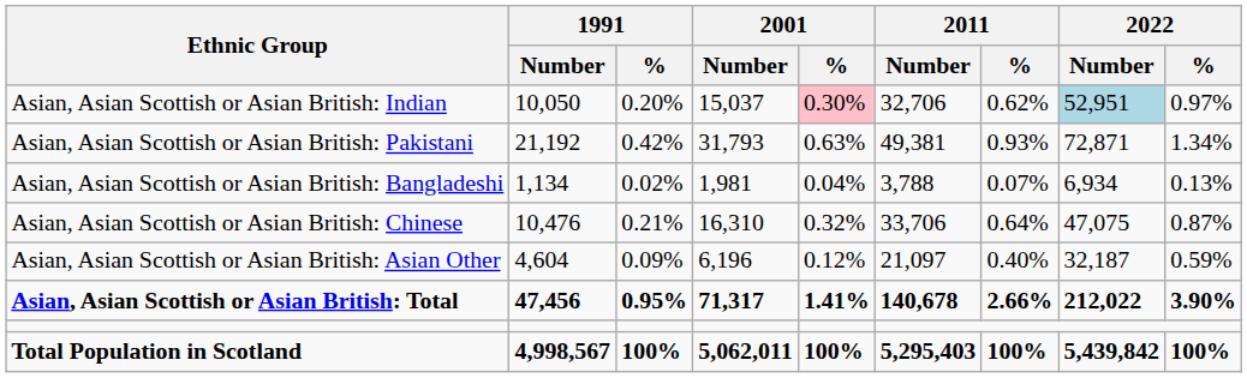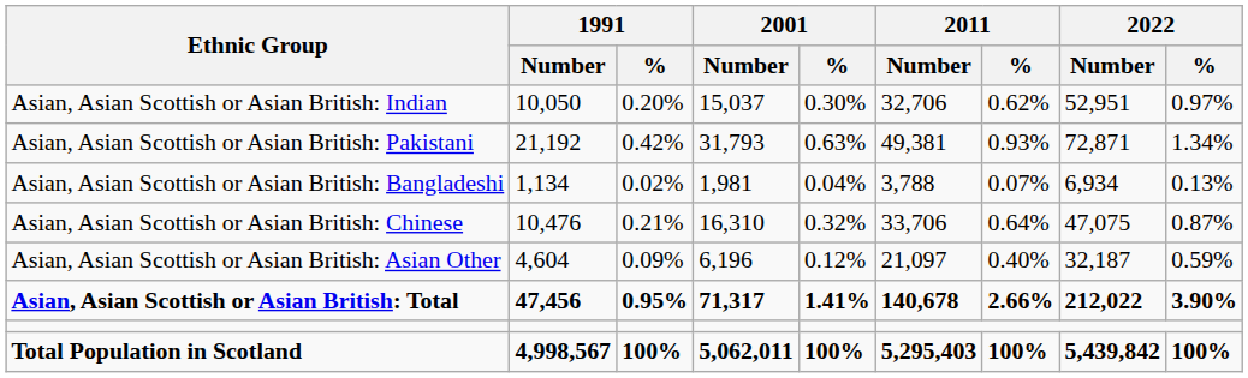 <table class="wikitable sortable" style="font-size:90%; margin:auto;">
 <tr>
 <th rowspan="2">Ethnic Group</th>
 <th colspan="2">1991</th>
 <th colspan="2">2001</th>
 <th colspan="2">2011</th>
 <th colspan="2">2022</th>
 </tr>
 <tr>
 <th>Number</th>
 <th>%</th>
 <th>Number</th>
 <th>%</th>
 <th>Number</th>
 <th>%</th>
 <th>Number</th>
 <th>%</th>
 </tr>
 <tr>
 <td>Asian, Asian Scottish or Asian British: <a href='#'>Indian</a></td>
 <td>10,050</td>
 <td>0.20%</td>
 <td>15,037</td>
-<td style="background: pink;">0.30%</td>
+<td>0.30%</td>
 <td>32,706</td>
 <td>0.62%</td>
-<td style="background: lightblue;">52,951</td>
+<td>52,951</td>
 <td>0.97%</td>
 </tr>
 <tr>
 <td>Asian, Asian Scottish or Asian British: <a href='#'>Pakistani</a></td>
 <td>21,192</td>
 <td>0.42%</td>
 <td>31,793</td>
 <td>0.63%</td>
 <td>49,381</td>
 <td>0.93%</td>
 <td>72,871</td>
 <td>1.34%</td>
 </tr>
 <tr>
 <td>Asian, Asian Scottish or Asian British: <a href='#'>Bangladeshi</a></td>
 <td>1,134</td>
 <td>0.02%</td>
 <td>1,981</td>
 <td>0.04%</td>
 <td>3,788</td>
 <td>0.07%</td>
 <td>6,934</td>
 <td>0.13%</td>
 </tr>
 <tr>
 <td>Asian, Asian Scottish or Asian British: <a href='#'>Chinese</a></td>
 <td>10,476</td>
 <td>0.21%</td>
 <td>16,310</td>
 <td>0.32%</td>
 <td>33,706</td>
 <td>0.64%</td>
 <td>47,075</td>
 <td>0.87%</td>
 </tr>
 <tr>
 <td>Asian, Asian Scottish or Asian British: <a href='#'>Asian Other</a></td>
 <td>4,604</td>
 <td>0.09%</td>
 <td>6,196</td>
 <td>0.12%</td>
 <td>21,097</td>
 <td>0.40%</td>
 <td>32,187</td>
 <td>0.59%</td>
 </tr>
 <tr>
 <td><strong><a href='#'>Asian</a>, Asian Scottish or <a href='#'>Asian British</a>: Total</strong></td>
 <td><strong>47,456</strong></td>
 <td><strong>0.95%</strong></td>
 <td><strong>71,317</strong></td>
 <td><strong>1.41%</strong></td>
 <td><strong>140,678</strong></td>
 <td><strong>2.66%</strong></td>
 <td><strong>212,022</strong></td>
 <td><strong>3.90%</strong></td>
 </tr>
 <tr>
 <td></td>
 <td></td>
 <td></td>
 <td></td>
 <td></td>
 </tr>
 <tr>
 <td><strong>Total</strong> <strong>Population in Scotland</strong></td>
 <td><strong>4,998,567</strong></td>
 <td><strong>100%</strong></td>
 <td><strong>5,062,011</strong></td>
 <td><strong>100%</strong></td>
 <td><strong>5,295,403</strong></td>
 <td><strong>100%</strong></td>
 <td><strong>5,439,842</strong></td>
 <td><strong>100%</strong></td>
 </tr>
 </table>
